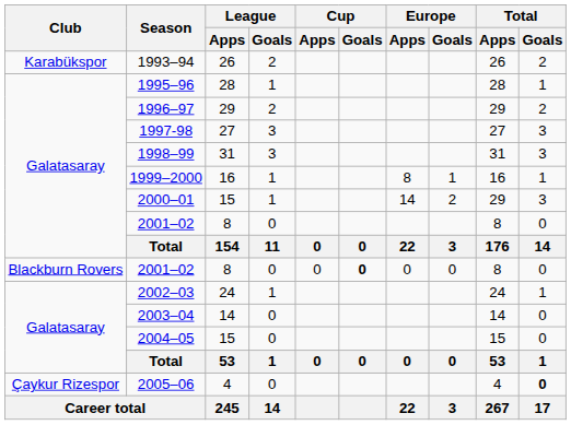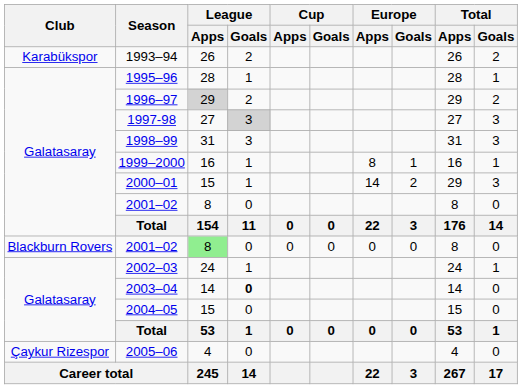 <table class="wikitable" style="text-align:center">
 <tr>
 <th rowspan="2">Club</th>
 <th rowspan="2">Season</th>
 <th colspan="2">League</th>
 <th colspan="2">Cup</th>
 <th colspan="2">Europe</th>
 <th colspan="2">Total</th>
 </tr>
 <tr>
 <th>Apps</th>
 <th>Goals</th>
 <th>Apps</th>
 <th>Goals</th>
 <th>Apps</th>
 <th>Goals</th>
 <th>Apps</th>
 <th>Goals</th>
 </tr>
 <tr>
 <td><a href='#'>Karabükspor</a></td>
 <td>1993–94</td>
 <td>26</td>
 <td>2</td>
 <td></td>
 <td></td>
 <td></td>
 <td></td>
 <td>26</td>
 <td>2</td>
 </tr>
 <tr>
 <td rowspan="8"><a href='#'>Galatasaray</a></td>
 <td><a href='#'>1995–96</a></td>
 <td>28</td>
 <td>1</td>
 <td></td>
 <td></td>
 <td></td>
 <td></td>
 <td>28</td>
 <td>1</td>
 </tr>
 <tr>
 <td><a href='#'>1996–97</a></td>
-<td>29</td>
+<td style="background: lightgrey;">29</td>
 <td>2</td>
 <td></td>
 <td></td>
 <td></td>
 <td></td>
 <td>29</td>
 <td>2</td>
 </tr>
 <tr>
 <td><a href='#'>1997-98</a></td>
 <td>27</td>
-<td>3</td>
+<td style="background: lightgrey;">3</td>
 <td></td>
 <td></td>
 <td></td>
 <td></td>
 <td>27</td>
 <td>3</td>
 </tr>
 <tr>
 <td><a href='#'>1998–99</a></td>
 <td>31</td>
 <td>3</td>
 <td></td>
 <td></td>
 <td></td>
 <td></td>
 <td>31</td>
 <td>3</td>
 </tr>
 <tr>
 <td><a href='#'>1999–2000</a></td>
 <td>16</td>
 <td>1</td>
 <td></td>
 <td></td>
 <td>8</td>
 <td>1</td>
 <td>16</td>
 <td>1</td>
 </tr>
 <tr>
 <td><a href='#'>2000–01</a></td>
 <td>15</td>
 <td>1</td>
 <td></td>
 <td></td>
 <td>14</td>
 <td>2</td>
 <td>29</td>
 <td>3</td>
 </tr>
 <tr>
 <td><a href='#'>2001–02</a></td>
 <td>8</td>
 <td>0</td>
 <td></td>
 <td></td>
 <td></td>
 <td></td>
 <td>8</td>
 <td>0</td>
 </tr>
 <tr>
 <th>Total</th>
 <th>154</th>
 <th>11</th>
 <th>0</th>
 <th>0</th>
 <th>22</th>
 <th>3</th>
 <th>176</th>
 <th>14</th>
 </tr>
 <tr>
 <td><a href='#'>Blackburn Rovers</a></td>
 <td><a href='#'>2001–02</a></td>
-<td>8</td>
+<td style="background: lightgreen;">8</td>
 <td>0</td>
 <td>0</td>
-<td><strong>0</strong></td>
+<td>0</td>
 <td>0</td>
 <td>0</td>
 <td>8</td>
 <td>0</td>
 </tr>
 <tr>
 <td rowspan="4"><a href='#'>Galatasaray</a></td>
 <td><a href='#'>2002–03</a></td>
 <td>24</td>
 <td>1</td>
 <td></td>
 <td></td>
 <td></td>
 <td></td>
 <td>24</td>
 <td>1</td>
 </tr>
 <tr>
 <td><a href='#'>2003–04</a></td>
 <td>14</td>
-<td>0</td>
+<td><strong>0</strong></td>
 <td></td>
 <td></td>
 <td></td>
 <td></td>
 <td>14</td>
 <td>0</td>
 </tr>
 <tr>
 <td><a href='#'>2004–05</a></td>
 <td>15</td>
 <td>0</td>
 <td></td>
 <td></td>
 <td></td>
 <td></td>
 <td>15</td>
 <td>0</td>
 </tr>
 <tr>
 <th>Total</th>
 <th>53</th>
 <th>1</th>
 <th>0</th>
 <th>0</th>
 <th>0</th>
 <th>0</th>
 <th>53</th>
 <th>1</th>
 </tr>
 <tr>
 <td><a href='#'>Çaykur Rizespor</a></td>
 <td><a href='#'>2005–06</a></td>
 <td>4</td>
 <td>0</td>
 <td></td>
 <td></td>
 <td></td>
 <td></td>
 <td>4</td>
-<td><strong>0</strong></td>
+<td>0</td>
 </tr>
 <tr>
 <th colspan="2">Career total</th>
 <th>245</th>
 <th>14</th>
 <th></th>
 <th></th>
 <th>22</th>
 <th>3</th>
 <th>267</th>
 <th>17</th>
 </tr>
 </table>
